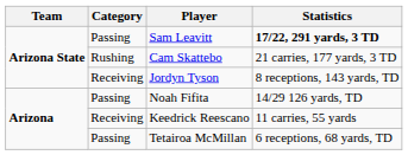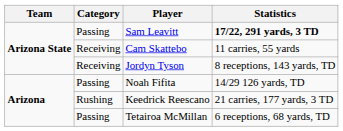 <table class="wikitable" style="float: right;">
 <tr>
 <th>Team</th>
 <th>Category</th>
 <th>Player</th>
 <th>Statistics</th>
 </tr>
 <tr>
 <td rowspan=3><strong>Arizona State</strong></td>
 <td>Passing</td>
 <td><a href='#'>Sam Leavitt</a></td>
 <td><strong>17/22, 291 yards, 3 TD</strong></td>
 </tr>
 <tr>
-<td>Rushing</td>
+<td>Receiving</td>
 <td><a href='#'>Cam Skattebo</a></td>
-<td>21 carries, 177 yards, 3 TD</td>
+<td>11 carries, 55 yards</td>
 </tr>
 <tr>
 <td>Receiving</td>
 <td><a href='#'>Jordyn Tyson</a></td>
 <td>8 receptions, 143 yards, TD</td>
 </tr>
 <tr>
 <td rowspan=3><strong>Arizona</strong></td>
 <td>Passing</td>
 <td>Noah Fifita</td>
 <td>14/29 126 yards, TD</td>
 </tr>
 <tr>
-<td>Receiving</td>
+<td>Rushing</td>
 <td>Keedrick Reescano</td>
-<td>11 carries, 55 yards</td>
+<td>21 carries, 177 yards, 3 TD</td>
 </tr>
 <tr>
 <td>Passing</td>
 <td>Tetairoa McMillan</td>
 <td>6 receptions, 68 yards, TD</td>
 </tr>
 </table>
